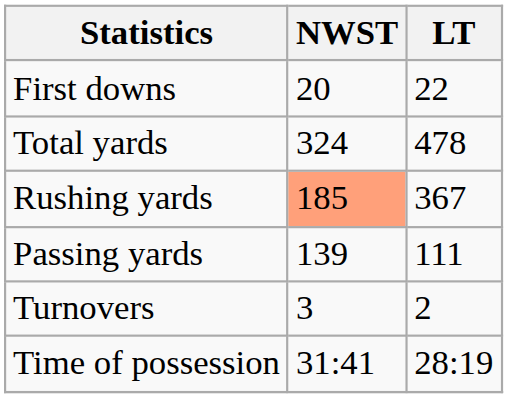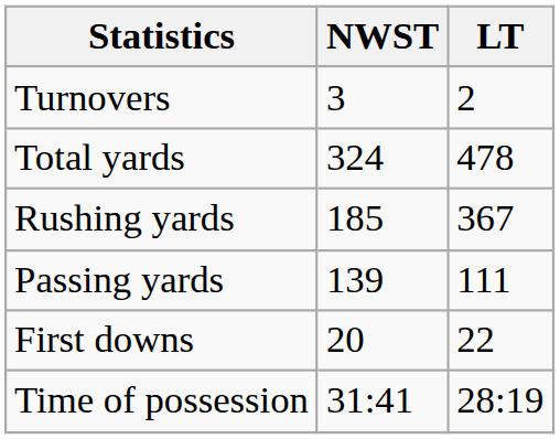 <table class="wikitable" style="float: left;">
 <tr>
 <th>Statistics</th>
 <th>NWST</th>
 <th>LT</th>
 </tr>
 <tr>
-<td>First downs</td>
-<td>20</td>
-<td>22</td>
+<td>Turnovers</td>
+<td>3</td>
+<td>2</td>
 </tr>
 <tr>
 <td>Total yards</td>
 <td>324</td>
 <td>478</td>
 </tr>
 <tr>
 <td>Rushing yards</td>
-<td style="background: lightsalmon;">185</td>
+<td>185</td>
 <td>367</td>
 </tr>
 <tr>
 <td>Passing yards</td>
 <td>139</td>
 <td>111</td>
 </tr>
 <tr>
-<td>Turnovers</td>
-<td>3</td>
-<td>2</td>
+<td>First downs</td>
+<td>20</td>
+<td>22</td>
 </tr>
 <tr>
 <td>Time of possession</td>
 <td>31:41</td>
 <td>28:19</td>
 </tr>
 <tr>
 </tr>
 </table>
